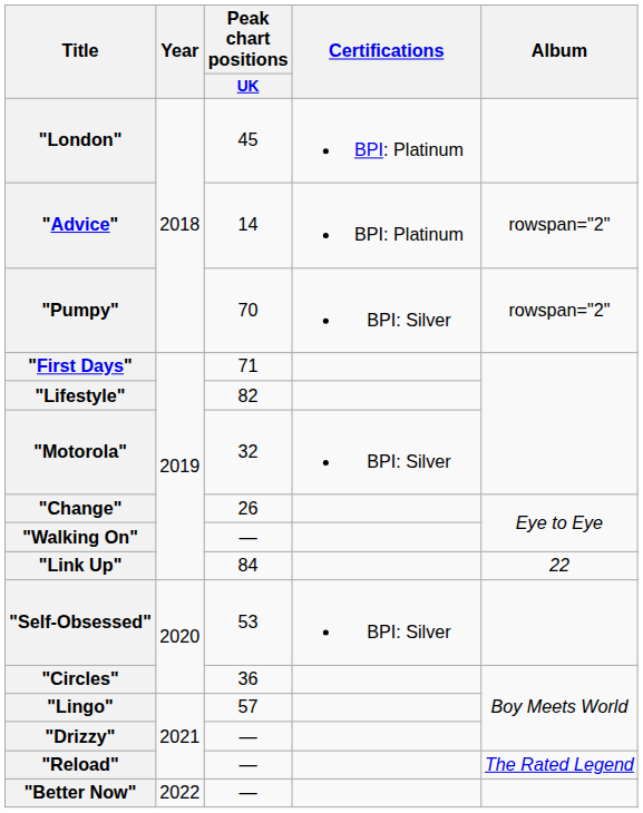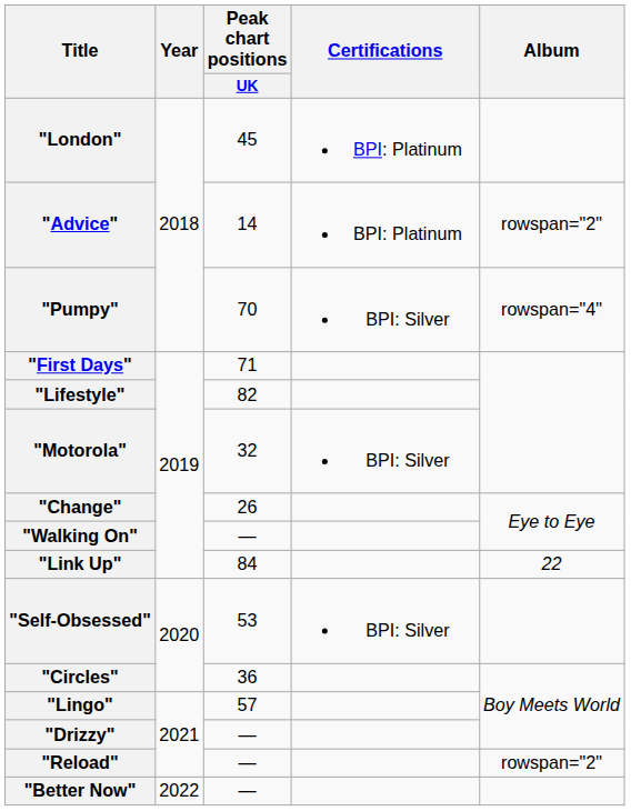 <table class="wikitable plainrowheaders" style="text-align:center;">
 <tr>
 <th scope="col" rowspan="2">Title</th>
 <th scope="col" rowspan="2">Year</th>
 <th scope="col" colspan="1">Peak chart positions</th>
 <th scope="col" rowspan="2" style="width:10em;"><a href='#'>Certifications</a></th>
 <th scope="col" rowspan="2">Album</th>
 </tr>
 <tr>
 <th scope="col" style="width:3em;font-size:85%;"><a href='#'>UK</a><br></th>
 </tr>
 <tr>
 <th scope="row">"London"<br></th>
 <td rowspan="3">2018</td>
 <td>45</td>
 <td><br><ul><li><a href='#'>BPI</a>: Platinum</li></ul></td>
 <td></td>
 </tr>
 <tr>
 <th scope="row">"<a href='#'>Advice</a>"<br></th>
 <td>14</td>
 <td><br><ul><li>BPI: Platinum</li></ul></td>
 <td>rowspan="2" </td>
 </tr>
 <tr>
 <th scope="row">"Pumpy"<br></th>
 <td>70</td>
 <td><br><ul><li>BPI: Silver</li></ul></td>
-<td>rowspan="2" </td>
+<td>rowspan="4" </td>
 </tr>
 <tr>
 <th scope="row">"<a href='#'>First Days</a>"</th>
 <td rowspan="6">2019</td>
 <td>71</td>
 <td></td>
 </tr>
 <tr>
 <th scope="row">"Lifestyle"</th>
 <td>82</td>
 <td></td>
 </tr>
 <tr>
 <th scope="row">"Motorola"<br></th>
 <td>32</td>
 <td><br><ul><li>BPI: Silver</li></ul></td>
 </tr>
 <tr>
 <th scope="row">"Change"<br></th>
 <td>26</td>
 <td></td>
 <td rowspan="2"><em>Eye to Eye</em></td>
 </tr>
 <tr>
 <th scope="row">"Walking On"<br></th>
 <td>—</td>
 <td></td>
 </tr>
 <tr>
 <th scope="row">"Link Up"<br></th>
 <td>84</td>
 <td></td>
 <td><em>22</em></td>
 </tr>
 <tr>
 <th scope="row">"Self-Obsessed"<br></th>
 <td rowspan="2">2020</td>
 <td>53</td>
 <td><br><ul><li>BPI: Silver</li></ul></td>
 <td></td>
 </tr>
 <tr>
 <th scope="row">"Circles"<br></th>
 <td>36</td>
 <td></td>
 <td rowspan="3"><em>Boy Meets World</em></td>
 </tr>
 <tr>
 <th scope="row">"Lingo"<br></th>
 <td rowspan="3">2021</td>
 <td>57</td>
 <td></td>
 </tr>
 <tr>
 <th scope="row">"Drizzy"</th>
 <td>—</td>
 <td></td>
 </tr>
 <tr>
 <th scope="row">"Reload"<br></th>
 <td>—</td>
 <td></td>
-<td><em><a href='#'>The Rated Legend</a></em></td>
+<td>rowspan="2" </td>
 </tr>
 <tr>
 <th Scope="row">"Better Now"</th>
 <td>2022</td>
 <td>—</td>
 <td></td>
 </tr>
 </table>
